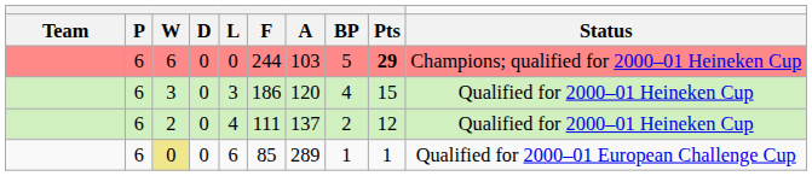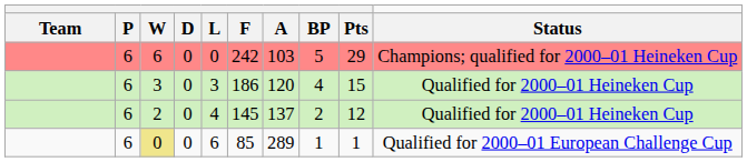 <table class="wikitable" style="text-align:center">
 <tr>
 <th colspan="9" width="317px"></th>
 </tr>
 <tr>
 <th width="90px">Team</th>
 <th>P</th>
 <th>W</th>
 <th>D</th>
 <th>L</th>
 <th width="23px">F</th>
 <th width="23px">A</th>
 <th>BP</th>
 <th width="23px">Pts</th>
 <th>Status</th>
 </tr>
 <tr bgcolor="#FF8888">
 <td></td>
 <td>6</td>
 <td>6</td>
 <td>0</td>
 <td>0</td>
-<td>244</td>
+<td>242</td>
 <td>103</td>
 <td>5</td>
-<td><strong>29</strong></td>
+<td>29</td>
 <td>Champions; qualified for <a href='#'>2000–01 Heineken Cup</a></td>
 </tr>
 <tr bgcolor="#D0F0C0">
 <td></td>
 <td>6</td>
 <td>3</td>
 <td>0</td>
 <td>3</td>
 <td>186</td>
 <td>120</td>
 <td>4</td>
 <td>15</td>
 <td>Qualified for <a href='#'>2000–01 Heineken Cup</a></td>
 </tr>
 <tr bgcolor="#D0F0C0">
 <td></td>
 <td>6</td>
 <td>2</td>
 <td>0</td>
 <td>4</td>
-<td>111</td>
+<td>145</td>
 <td>137</td>
 <td>2</td>
 <td>12</td>
 <td>Qualified for <a href='#'>2000–01 Heineken Cup</a></td>
 </tr>
 <tr>
 <td></td>
 <td>6</td>
 <td style="background: khaki;">0</td>
 <td>0</td>
 <td>6</td>
 <td>85</td>
 <td>289</td>
 <td>1</td>
 <td>1</td>
 <td>Qualified for <a href='#'>2000–01 European Challenge Cup</a></td>
 </tr>
 </table>
